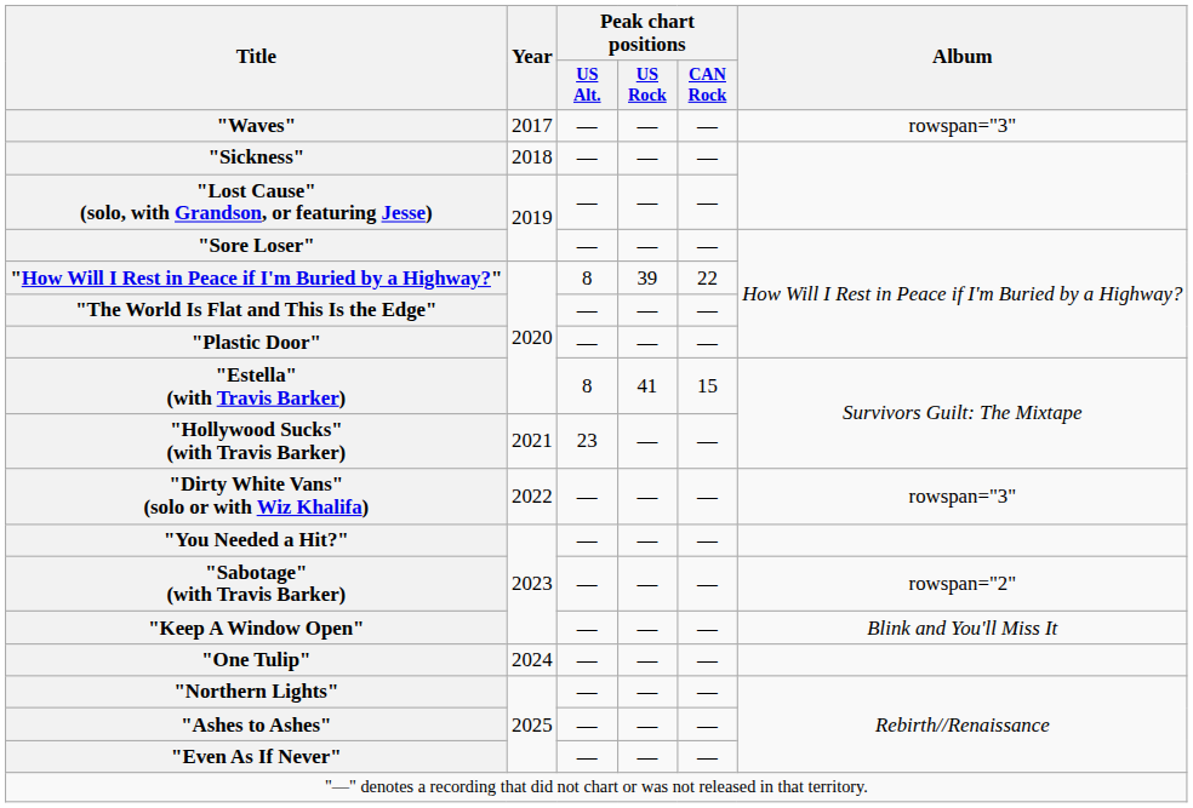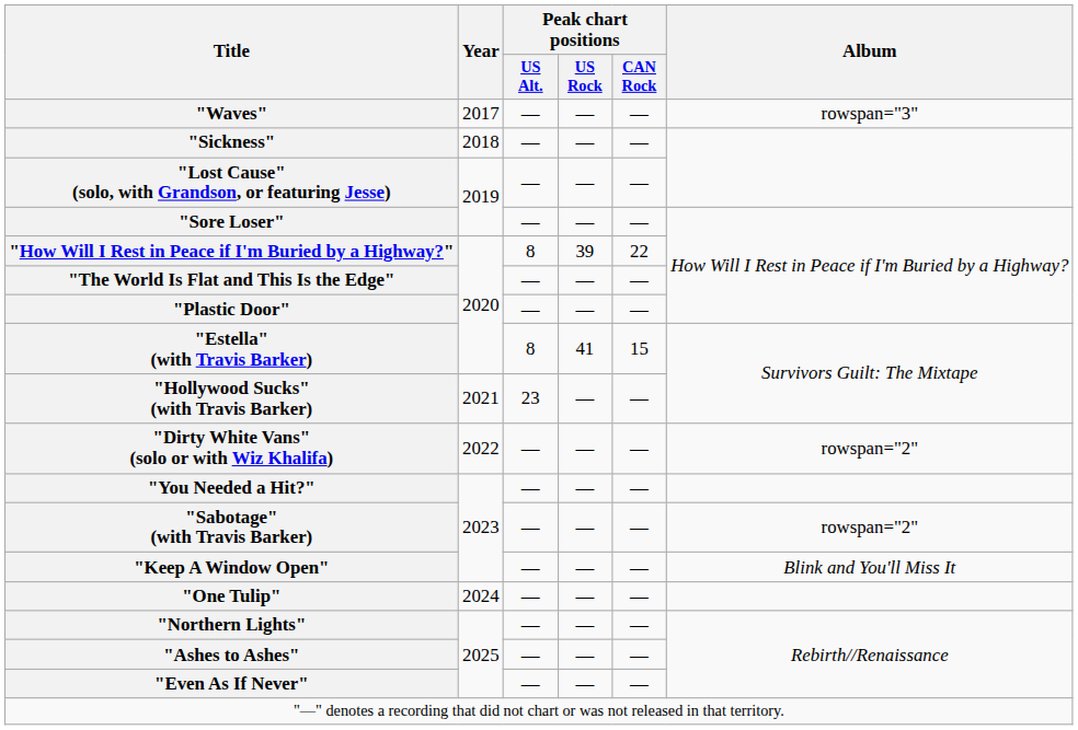 <table class="wikitable plainrowheaders" style="text-align:center;">
 <tr>
 <th scope="col" rowspan="2">Title</th>
 <th scope="col" rowspan="2">Year</th>
 <th scope="col" colspan="3">Peak chart positions</th>
 <th scope="col" rowspan="2">Album</th>
 </tr>
 <tr>
 <th scope="col" style="width:3em;font-size:85%;"><a href='#'>US<br>Alt.</a><br></th>
 <th scope="col" style="width:3em;font-size:85%;"><a href='#'>US<br>Rock</a><br></th>
 <th scope="col" style="width:3em;font-size:85%;"><a href='#'>CAN<br>Rock</a><br></th>
 </tr>
 <tr>
 <th scope="row">"Waves"</th>
 <td>2017</td>
 <td>—</td>
 <td>—</td>
 <td>—</td>
 <td>rowspan="3" </td>
 </tr>
 <tr>
 <th scope="row">"Sickness"</th>
 <td>2018</td>
 <td>—</td>
 <td>—</td>
 <td>—</td>
 </tr>
 <tr>
 <th scope="row">"Lost Cause" <br><span>(solo, with <a href='#'>Grandson</a>, or featuring <a href='#'>Jesse</a>)</span></th>
 <td rowspan="2">2019</td>
 <td>—</td>
 <td>—</td>
 <td>—</td>
 </tr>
 <tr>
 <th scope="row">"Sore Loser"</th>
 <td>—</td>
 <td>—</td>
 <td>—</td>
 <td rowspan="4"><em>How Will I Rest in Peace if I'm Buried by a Highway?</em></td>
 </tr>
 <tr>
 <th scope="row">"<a href='#'>How Will I Rest in Peace if I'm Buried by a Highway?</a>"</th>
 <td rowspan="4">2020</td>
 <td>8</td>
 <td>39</td>
 <td>22</td>
 </tr>
 <tr>
 <th scope="row">"The World Is Flat and This Is the Edge"</th>
 <td>—</td>
 <td>—</td>
 <td>—</td>
 </tr>
 <tr>
 <th scope="row">"Plastic Door"</th>
 <td>—</td>
 <td>—</td>
 <td>—</td>
 </tr>
 <tr>
 <th scope="row">"Estella" <br><span>(with <a href='#'>Travis Barker</a>)</span></th>
 <td>8</td>
 <td>41</td>
 <td>15</td>
 <td rowspan="2"><em>Survivors Guilt: The Mixtape</em></td>
 </tr>
 <tr>
 <th scope="row">"Hollywood Sucks" <br><span>(with Travis Barker)</span></th>
 <td>2021</td>
 <td>23</td>
 <td>—</td>
 <td>—</td>
 </tr>
 <tr>
 <th scope="row">"Dirty White Vans" <br><span>(solo or with <a href='#'>Wiz Khalifa</a>)</span></th>
 <td>2022</td>
 <td>—</td>
 <td>—</td>
 <td>—</td>
-<td>rowspan="3" </td>
+<td>rowspan="2" </td>
 </tr>
 <tr>
 <th scope="row">"You Needed a Hit?"</th>
 <td rowspan="3">2023</td>
 <td>—</td>
 <td>—</td>
 <td>—</td>
 </tr>
 <tr>
 <th scope="row">"Sabotage" <br><span>(with Travis Barker)</span></th>
 <td>—</td>
 <td>—</td>
 <td>—</td>
 <td>rowspan="2" </td>
 </tr>
 <tr>
 <th scope="row">"Keep A Window Open"</th>
 <td>—</td>
 <td>—</td>
 <td>—</td>
 <td><em>Blink and You'll Miss It</em></td>
 </tr>
 <tr>
 <th scope="row">"One Tulip"</th>
 <td>2024</td>
 <td>—</td>
 <td>—</td>
 <td>—</td>
 </tr>
 <tr>
 <th scope="row">"Northern Lights"</th>
 <td rowspan="3">2025</td>
 <td>—</td>
 <td>—</td>
 <td>—</td>
 <td rowspan="3"><em>Rebirth//Renaissance</em></td>
 </tr>
 <tr>
 <th scope="row">"Ashes to Ashes"</th>
 <td>—</td>
 <td>—</td>
 <td>—</td>
 </tr>
 <tr>
 <th scope="row">"Even As If Never"</th>
 <td>—</td>
 <td>—</td>
 <td>—</td>
 </tr>
 <tr>
 <td colspan="18" style="font-size:85%;">"—" denotes a recording that did not chart or was not released in that territory.</td>
 </tr>
 </table>
